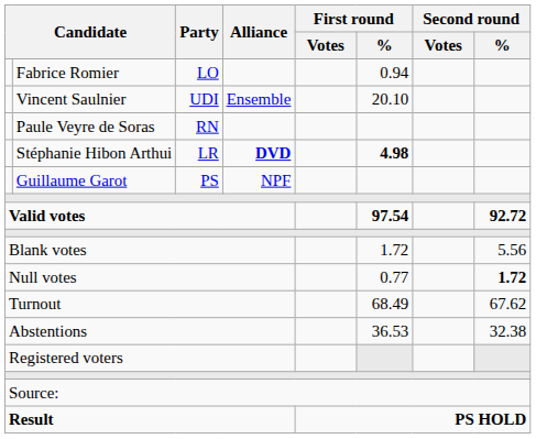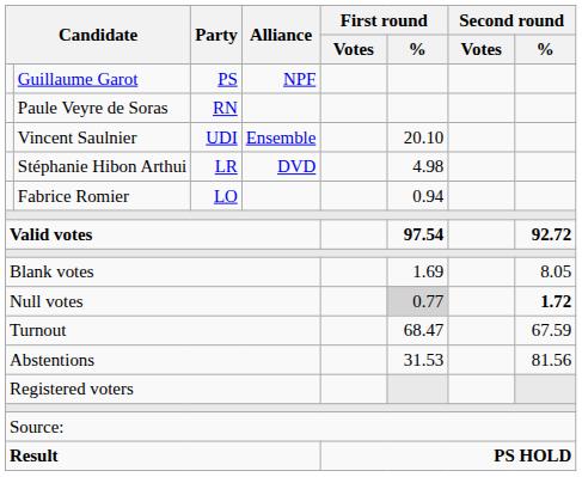 <table class="wikitable" style="text-align:right;font-size:95%;">
 <tr>
 <th colspan="2" rowspan="2">Candidate</th>
 <th colspan="1" rowspan="2">Party</th>
 <th colspan="1" rowspan="2">Alliance</th>
 <th colspan="2">First round</th>
 <th colspan="2">Second round</th>
 </tr>
 <tr>
 <th style="width:50px;">Votes</th>
 <th style="width:45px;">%</th>
 <th style="width:50px;">Votes</th>
 <th style="width:45px;">%</th>
 </tr>
 <tr>
 <td style="color:inherit;background:"></td>
-<td style="text-align:left;">Fabrice Romier</td>
-<td><a href='#'>LO</a></td>
+<td style="text-align:left;"><a href='#'>Guillaume Garot</a></td>
+<td><a href='#'>PS</a></td>
+<td><a href='#'>NPF</a></td>
+<td><strong></strong></td>
+<td><strong></strong></td>
+<td><strong></strong></td>
+<td><strong></strong></td>
+</tr>
+<tr>
+<td style="color:inherit;background:"></td>
+<td style="text-align:left;">Paule Veyre de Soras</td>
+<td><a href='#'>RN</a></td>
 <td></td>
 <td></td>
-<td>0.94</td>
+<td></td>
 <td></td>
 <td></td>
 </tr>
 <tr>
 <td style="color:inherit;background:"></td>
 <td style="text-align:left;">Vincent Saulnier</td>
 <td><a href='#'>UDI</a></td>
 <td><a href='#'>Ensemble</a></td>
 <td></td>
 <td>20.10</td>
 <td></td>
 <td></td>
 </tr>
 <tr>
 <td style="color:inherit;background:"></td>
-<td style="text-align:left;">Paule Veyre de Soras</td>
-<td><a href='#'>RN</a></td>
+<td style="text-align:left;">Stéphanie Hibon Arthui</td>
+<td><a href='#'>LR</a></td>
+<td><a href='#'>DVD</a></td>
 <td></td>
-<td></td>
-<td></td>
+<td>4.98</td>
 <td></td>
 <td></td>
 </tr>
 <tr>
 <td style="color:inherit;background:"></td>
-<td style="text-align:left;">Stéphanie Hibon Arthui</td>
-<td><a href='#'>LR</a></td>
-<td><strong><a href='#'>DVD</a></strong></td>
-<td></td>
-<td><strong>4.98</strong></td>
+<td style="text-align:left;">Fabrice Romier</td>
+<td><a href='#'>LO</a></td>
 <td></td>
 <td></td>
-</tr>
-<tr>
-<td style="color:inherit;background:"></td>
-<td style="text-align:left;"><a href='#'>Guillaume Garot</a></td>
-<td><a href='#'>PS</a></td>
-<td><a href='#'>NPF</a></td>
-<td><strong></strong></td>
-<td><strong></strong></td>
-<td><strong></strong></td>
-<td><strong></strong></td>
+<td>0.94</td>
+<td></td>
+<td></td>
 </tr>
 <tr>
 <td colspan="8" style="background:#E9E9E9;"></td>
 </tr>
 <tr style="font-weight:bold;">
 <td colspan="4" style="text-align:left;">Valid votes</td>
 <td></td>
 <td>97.54</td>
 <td></td>
 <td>92.72</td>
 </tr>
 <tr>
 <td colspan="8" style="background:#E9E9E9;"></td>
 </tr>
 <tr>
 <td colspan="4" style="text-align:left;">Blank votes</td>
 <td></td>
-<td>1.72</td>
+<td>1.69</td>
 <td></td>
-<td>5.56</td>
+<td>8.05</td>
 </tr>
 <tr>
 <td colspan="4" style="text-align:left;">Null votes</td>
 <td></td>
-<td>0.77</td>
+<td style="background: lightgrey;">0.77</td>
 <td></td>
 <td><strong>1.72</strong></td>
 </tr>
 <tr>
 <td colspan="4" style="text-align:left;">Turnout</td>
 <td></td>
-<td>68.49</td>
+<td>68.47</td>
 <td></td>
-<td>67.62</td>
+<td>67.59</td>
 </tr>
 <tr>
 <td colspan="4" style="text-align:left;">Abstentions</td>
 <td></td>
-<td>36.53</td>
+<td>31.53</td>
 <td></td>
-<td>32.38</td>
+<td>81.56</td>
 </tr>
 <tr>
 <td colspan="4" style="text-align:left;">Registered voters</td>
 <td></td>
 <td style="background:#E9E9E9;"></td>
 <td></td>
 <td style="background:#E9E9E9;"></td>
 </tr>
 <tr>
 <td colspan="8" style="background:#E9E9E9;"></td>
 </tr>
 <tr>
 <td colspan="8" style="text-align:left;">Source: </td>
 </tr>
 <tr style="font-weight:bold">
 <td colspan="4" style="text-align:left;">Result</td>
 <td colspan="4" style="background-color:">PS HOLD</td>
 </tr>
 </table>
